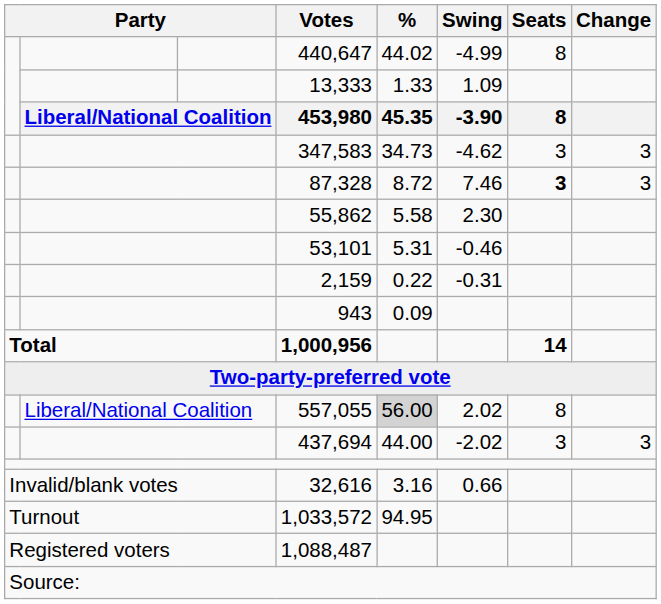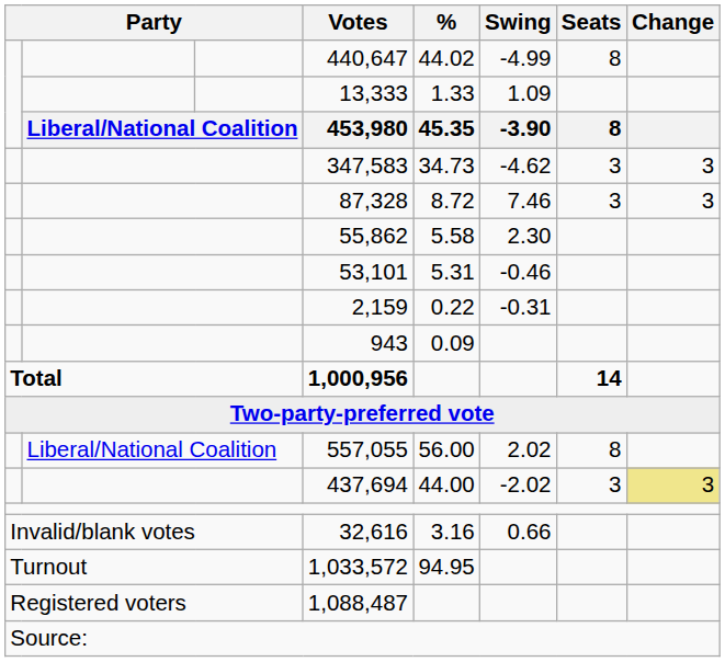 <table class="wikitable">
 <tr>
 <th colspan="3" style="width:200px"><strong>Party</strong></th>
 <th style="width:70px; text-align:center;"><strong>Votes</strong></th>
 <th style="width:40px; text-align:center;"><strong>%</strong></th>
 <th style="width:40px; text-align:center;"><strong>Swing</strong></th>
 <th style="width:40px; text-align:center;"><strong>Seats</strong></th>
 <th style="width:40px; text-align:center;"><strong>Change</strong></th>
 </tr>
 <tr>
 <td rowspan="3"> </td>
 <td> </td>
 <td></td>
 <td align=right>440,647</td>
 <td align=right>44.02</td>
 <td align=right>-4.99</td>
 <td align=right>8</td>
 <td align=right></td>
 </tr>
 <tr>
 <td> </td>
 <td></td>
 <td align=right>13,333</td>
 <td align=right>1.33</td>
 <td align=right>1.09</td>
 <td align=right></td>
 <td align=right></td>
 </tr>
 <tr>
 <th colspan="2" style="text-align:left;"><a href='#'>Liberal/National Coalition</a></th>
 <th style="text-align:right;">453,980</th>
 <th style="text-align:right;">45.35</th>
 <th style="text-align:right;">-3.90</th>
 <th style="text-align:right;">8</th>
 <th style="text-align:right;"></th>
 </tr>
 <tr>
 <td> </td>
 <td colspan=2></td>
 <td align=right>347,583</td>
 <td align=right>34.73</td>
 <td align=right>-4.62</td>
 <td align=right>3</td>
 <td align=right> 3</td>
 </tr>
 <tr>
 <td> </td>
 <td colspan=2></td>
 <td align=right>87,328</td>
 <td align=right>8.72</td>
 <td align=right>7.46</td>
-<td align=right><strong>3</strong></td>
+<td align=right>3</td>
 <td align=right> 3</td>
 </tr>
 <tr>
 <td> </td>
 <td colspan=2></td>
 <td align=right>55,862</td>
 <td align=right>5.58</td>
 <td align=right>2.30</td>
 <td align=right></td>
 <td align=right></td>
 </tr>
 <tr>
 <td> </td>
 <td colspan=2></td>
 <td align=right>53,101</td>
 <td align=right>5.31</td>
 <td align=right>-0.46</td>
 <td align=right></td>
 <td align=right></td>
 </tr>
 <tr>
 <td> </td>
 <td colspan=2></td>
 <td align=right>2,159</td>
 <td align=right>0.22</td>
 <td align=right>-0.31</td>
 <td align=right></td>
 <td align=right></td>
 </tr>
 <tr>
 <td> </td>
 <td colspan=2></td>
 <td align=right>943</td>
 <td align=right>0.09</td>
 <td align=right></td>
 <td align=right></td>
 <td align=right></td>
 </tr>
 <tr>
 <td colspan="3" align="left"><strong>Total</strong></td>
 <td align=right><strong>1,000,956</strong></td>
 <td align=right></td>
 <td align=right></td>
 <td align=right><strong>14</strong></td>
 <td align=right></td>
 </tr>
 <tr>
 <td colspan="8" style="text-align:center; background:#eee;"><strong><a href='#'>Two-party-preferred vote</a></strong></td>
 </tr>
 <tr>
 <td> </td>
 <td colspan=2><a href='#'>Liberal/National Coalition</a></td>
 <td align=right>557,055</td>
-<td align=right style="background: lightgrey;">56.00</td>
+<td align=right>56.00</td>
 <td align=right>2.02</td>
 <td align=right>8</td>
 <td align=right></td>
 </tr>
 <tr>
 <td> </td>
 <td colspan=2></td>
 <td align=right>437,694</td>
 <td align=right>44.00</td>
 <td align=right>-2.02</td>
 <td align=right>3</td>
-<td align=right> 3</td>
+<td align=right style="background: khaki;"> 3</td>
 </tr>
 <tr>
 <td colspan="8"></td>
 </tr>
 <tr>
 <td colspan="3" style="text-align:left;">Invalid/blank votes</td>
 <td align=right>32,616</td>
 <td align=right>3.16</td>
 <td align=right>0.66</td>
 <td></td>
 <td></td>
 </tr>
 <tr>
 <td colspan="3" style="text-align:left;">Turnout</td>
 <td align=right>1,033,572</td>
 <td align=right>94.95</td>
 <td></td>
 <td></td>
 <td></td>
 </tr>
 <tr>
 <td colspan="3" style="text-align:left;">Registered voters</td>
 <td align=right>1,088,487</td>
 <td></td>
 <td></td>
 <td></td>
 <td></td>
 </tr>
 <tr>
 <td colspan="8" align="left">Source: </td>
 </tr>
 </table>
